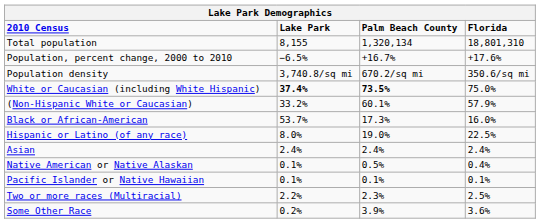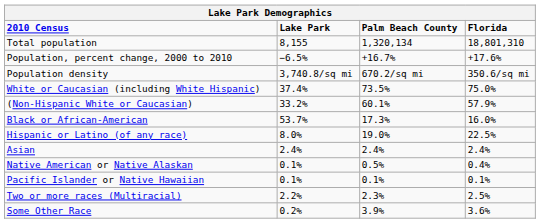 <table class="wikitable" style="float: left; margin-right: 2em; width: 35%; font-size: 75%;">
 <tr>
 <th colspan=4><strong>Lake Park Demographics</strong></th>
 </tr>
 <tr>
 <td><strong><a href='#'>2010 Census</a></strong></td>
 <td><strong>Lake Park</strong></td>
 <td><strong>Palm Beach County</strong></td>
 <td><strong>Florida</strong></td>
 </tr>
 <tr>
 <td>Total population</td>
 <td>8,155</td>
 <td>1,320,134</td>
 <td>18,801,310</td>
 </tr>
 <tr>
 <td>Population, percent change, 2000 to 2010</td>
 <td>−6.5%</td>
 <td>+16.7%</td>
 <td>+17.6%</td>
 </tr>
 <tr>
 <td>Population density</td>
 <td>3,740.8/sq mi</td>
 <td>670.2/sq mi</td>
 <td>350.6/sq mi</td>
 </tr>
 <tr>
 <td><a href='#'>White or Caucasian</a> (including <a href='#'>White Hispanic</a>)</td>
-<td><strong>37.4%</strong></td>
-<td><strong>73.5%</strong></td>
+<td>37.4%</td>
+<td>73.5%</td>
 <td>75.0%</td>
 </tr>
 <tr>
 <td>(<a href='#'>Non-Hispanic White or Caucasian</a>)</td>
 <td>33.2%</td>
 <td>60.1%</td>
 <td>57.9%</td>
 </tr>
 <tr>
 <td><a href='#'>Black or African-American</a></td>
 <td>53.7%</td>
 <td>17.3%</td>
 <td>16.0%</td>
 </tr>
 <tr>
 <td><a href='#'>Hispanic or Latino (of any race)</a></td>
 <td>8.0%</td>
 <td>19.0%</td>
 <td>22.5%</td>
 </tr>
 <tr>
 <td><a href='#'>Asian</a></td>
 <td>2.4%</td>
 <td>2.4%</td>
 <td>2.4%</td>
 </tr>
 <tr>
 <td><a href='#'>Native American</a> or <a href='#'>Native Alaskan</a></td>
 <td>0.1%</td>
 <td>0.5%</td>
 <td>0.4%</td>
 </tr>
 <tr>
 <td><a href='#'>Pacific Islander</a> or <a href='#'>Native Hawaiian</a></td>
 <td>0.1%</td>
 <td>0.1%</td>
 <td>0.1%</td>
 </tr>
 <tr>
 <td><a href='#'>Two or more races (Multiracial)</a></td>
 <td>2.2%</td>
 <td>2.3%</td>
 <td>2.5%</td>
 </tr>
 <tr>
 <td><a href='#'>Some Other Race</a></td>
 <td>0.2%</td>
 <td>3.9%</td>
 <td>3.6%</td>
 </tr>
 </table>
